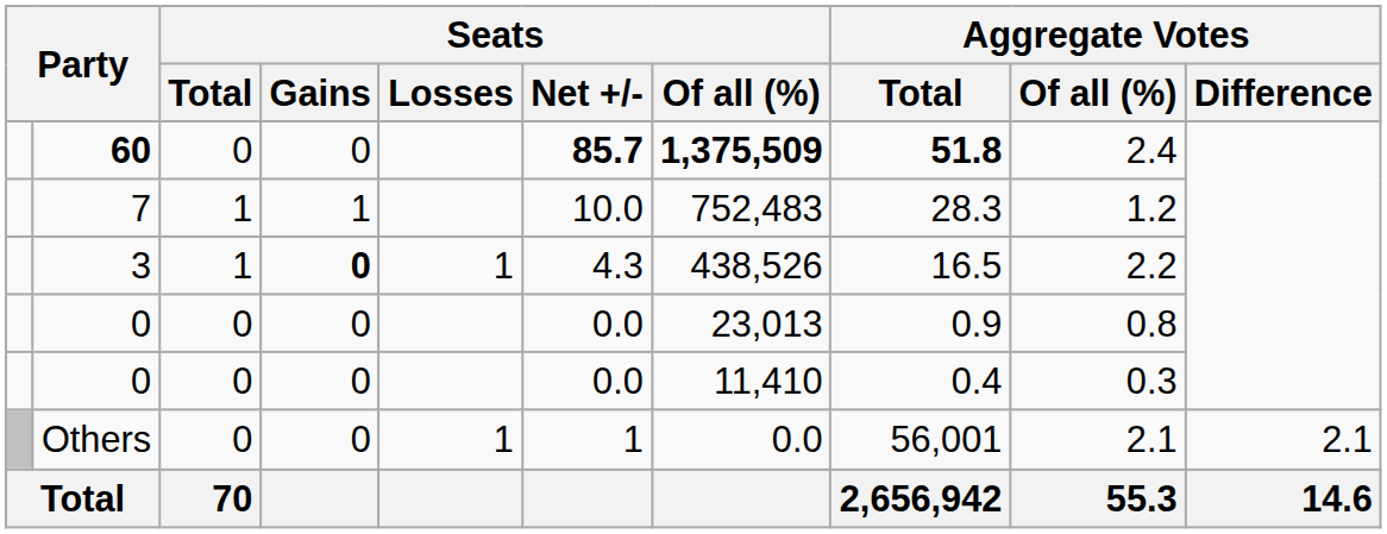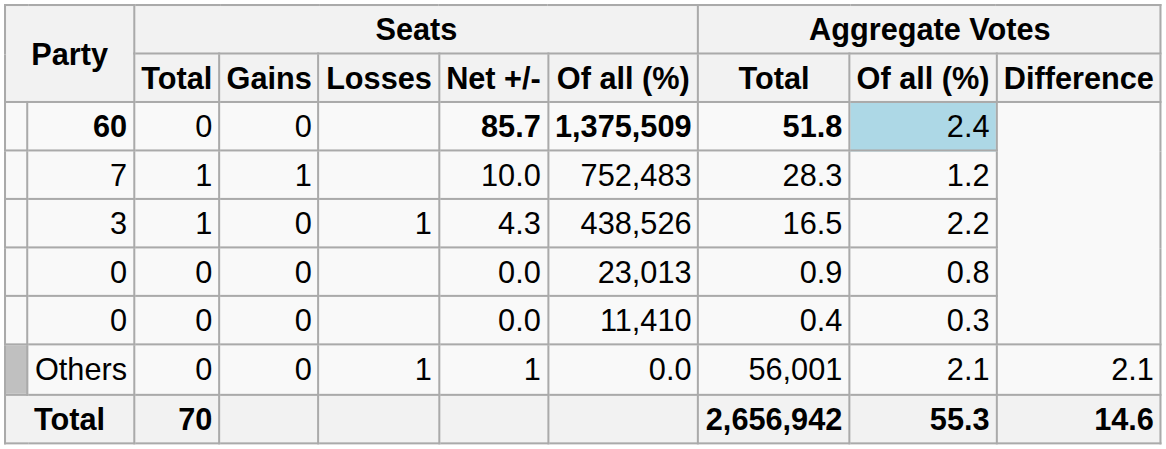 <table class="wikitable sortable" style="text-align:right; font-size:95%;">
 <tr>
 <th colspan="2" rowspan="2">Party</th>
 <th colspan="5">Seats</th>
 <th colspan="3">Aggregate Votes</th>
 </tr>
 <tr>
 <th>Total</th>
 <th>Gains</th>
 <th>Losses</th>
 <th>Net +/-</th>
 <th>Of all (%)</th>
 <th>Total</th>
 <th>Of all (%)</th>
 <th>Difference</th>
 </tr>
 <tr>
 <td></td>
 <td><strong>60</strong></td>
 <td>0</td>
 <td>0</td>
 <td></td>
 <td><strong>85.7</strong></td>
 <td><strong>1,375,509</strong></td>
 <td><strong>51.8</strong></td>
-<td>2.4</td>
+<td style="background: lightblue;">2.4</td>
 </tr>
 <tr>
 <td></td>
 <td>7</td>
 <td>1</td>
 <td>1</td>
 <td></td>
 <td>10.0</td>
 <td>752,483</td>
 <td>28.3</td>
 <td>1.2</td>
 </tr>
 <tr>
 <td></td>
 <td>3</td>
 <td>1</td>
-<td><strong>0</strong></td>
+<td>0</td>
 <td>1</td>
 <td>4.3</td>
 <td>438,526</td>
 <td>16.5</td>
 <td>2.2</td>
 </tr>
 <tr>
 <td></td>
 <td>0</td>
 <td>0</td>
 <td>0</td>
 <td></td>
 <td>0.0</td>
 <td>23,013</td>
 <td>0.9</td>
 <td>0.8</td>
 </tr>
 <tr>
 <td></td>
 <td>0</td>
 <td>0</td>
 <td>0</td>
 <td></td>
 <td>0.0</td>
 <td>11,410</td>
 <td>0.4</td>
 <td>0.3</td>
 </tr>
 <tr>
 <td style="background:silver;"> </td>
 <td align=left>Others</td>
 <td>0</td>
 <td>0</td>
 <td>1</td>
 <td>1</td>
 <td>0.0</td>
 <td>56,001</td>
 <td>2.1</td>
 <td>2.1</td>
 </tr>
 <tr class="sortbottom">
 <th colspan="2" style="background:#f2f2f2"><strong>Total</strong></th>
 <td style="background:#f2f2f2;"><strong>70</strong></td>
 <td style="background:#f2f2f2;"></td>
 <td style="background:#f2f2f2;"></td>
 <td style="background:#f2f2f2;"></td>
 <td style="background:#f2f2f2;"></td>
 <td style="background:#f2f2f2;"><strong>2,656,942</strong></td>
 <td style="background:#f2f2f2;"><strong>55.3</strong></td>
 <td style="background:#f2f2f2;"><strong>14.6</strong></td>
 </tr>
 </table>
